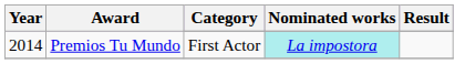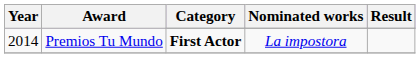 <table class="wikitable plainrowheaders" style="text-align:center;">
 <tr style="background:#96c;">
 <th scope="col">Year</th>
 <th scope="col">Award</th>
 <th scope="col">Category</th>
 <th scope="col">Nominated works</th>
 <th scope="col">Result</th>
 </tr>
 <tr>
 <td scope="row" rowspan="2">2014</td>
 <td rowspan="2"><a href='#'>Premios Tu Mundo</a></td>
 </tr>
 <tr>
-<td scope="row">First Actor</td>
-<td style="background: paleturquoise;"><em><a href='#'>La impostora</a></em></td>
+<td scope="row"><strong>First Actor</strong></td>
+<td><em><a href='#'>La impostora</a></em></td>
 <td></td>
 </tr>
 <tr>
 </tr>
 </table>
